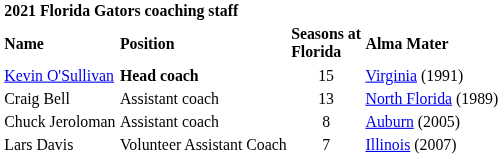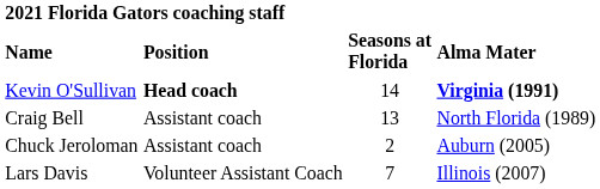 <table class="toccolours" style="text-align: left; font-size:90%;">
 <tr>
 <th colspan="9">2021 Florida Gators coaching staff</th>
 </tr>
 <tr>
 <th>Name</th>
 <th>Position</th>
 <th>Seasons at<br>Florida</th>
 <th>Alma Mater</th>
 </tr>
 <tr>
 <td><a href='#'>Kevin O'Sullivan</a></td>
 <td><strong>Head coach</strong></td>
-<td align=center>15</td>
-<td><a href='#'>Virginia</a> (1991)</td>
+<td align=center>14</td>
+<td><strong><a href='#'>Virginia</a> (1991)</strong></td>
 </tr>
 <tr>
 <td>Craig Bell</td>
 <td>Assistant coach</td>
 <td align=center>13</td>
 <td><a href='#'>North Florida</a> (1989)</td>
 </tr>
 <tr>
 <td>Chuck Jeroloman</td>
 <td>Assistant coach</td>
-<td align=center>8</td>
+<td align=center>2</td>
 <td><a href='#'>Auburn</a> (2005)</td>
 </tr>
 <tr>
 <td>Lars Davis</td>
 <td>Volunteer Assistant Coach</td>
 <td align=center>7</td>
 <td><a href='#'>Illinois</a> (2007)</td>
 </tr>
 </table>
